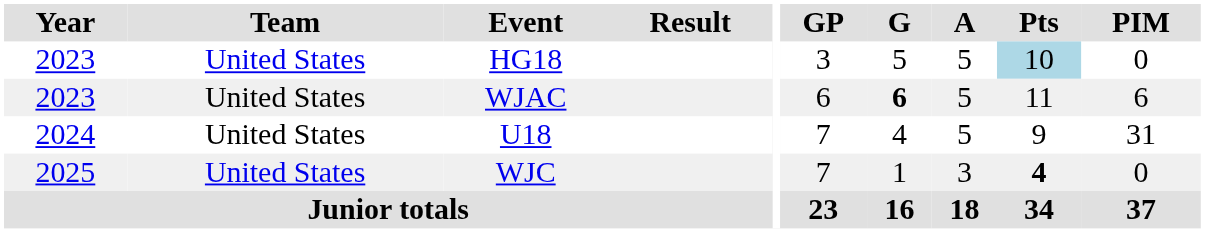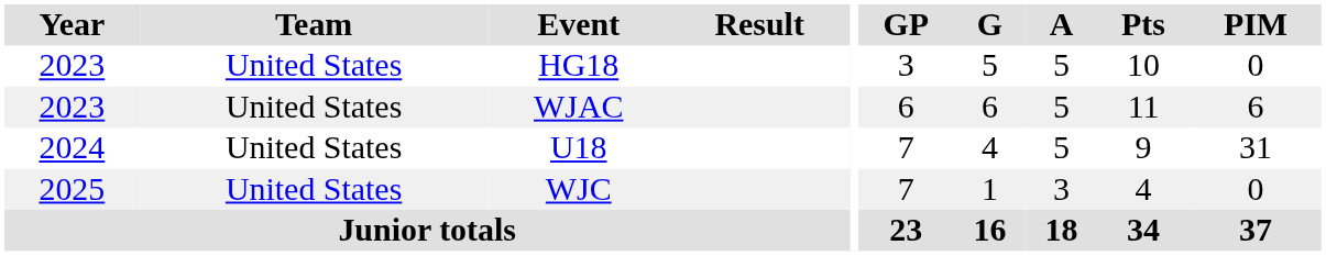 <table border="0" cellpadding="1" cellspacing="0" ID="Table3" style="text-align:center; width:40em;">
 <tr bgcolor="#e0e0e0">
 <th>Year</th>
 <th>Team</th>
 <th>Event</th>
 <th>Result</th>
 <th rowspan="101" bgcolor="#ffffff"></th>
 <th>GP</th>
 <th>G</th>
 <th>A</th>
 <th>Pts</th>
 <th>PIM</th>
 </tr>
 <tr>
 <td><a href='#'>2023</a></td>
 <td><a href='#'>United States</a></td>
 <td><a href='#'>HG18</a></td>
 <td></td>
 <td>3</td>
 <td>5</td>
 <td>5</td>
-<td style="background: lightblue;">10</td>
+<td>10</td>
 <td>0</td>
 </tr>
 <tr bgcolor="#f0f0f0">
 <td><a href='#'>2023</a></td>
 <td>United States</td>
 <td><a href='#'>WJAC</a></td>
 <td></td>
 <td>6</td>
-<td><strong>6</strong></td>
+<td>6</td>
 <td>5</td>
 <td>11</td>
 <td>6</td>
 </tr>
 <tr>
 <td><a href='#'>2024</a></td>
 <td>United States</td>
 <td><a href='#'>U18</a></td>
 <td></td>
 <td>7</td>
 <td>4</td>
 <td>5</td>
 <td>9</td>
 <td>31</td>
 </tr>
 <tr bgcolor="#f0f0f0">
 <td><a href='#'>2025</a></td>
 <td><a href='#'>United States</a></td>
 <td><a href='#'>WJC</a></td>
 <td></td>
 <td>7</td>
 <td>1</td>
 <td>3</td>
-<td><strong>4</strong></td>
+<td>4</td>
 <td>0</td>
 </tr>
 <tr bgcolor="#e0e0e0">
 <th colspan="4">Junior totals</th>
 <th>23</th>
 <th>16</th>
 <th>18</th>
 <th>34</th>
 <th>37</th>
 </tr>
 </table>
